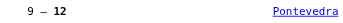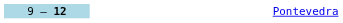 <table style="text-align:center">
 <tr>
 <th width=200></th>
 <th width=100></th>
 <th width=200></th>
 <th width=100></th>
 </tr>
 <tr>
 <td align=right></td>
-<td>9 – <strong>12</strong></td>
+<td style="background: lightblue;">9 – <strong>12</strong></td>
 <td align=left><strong></strong></td>
 <td><a href='#'>Pontevedra</a></td>
 </tr>
 </table>
